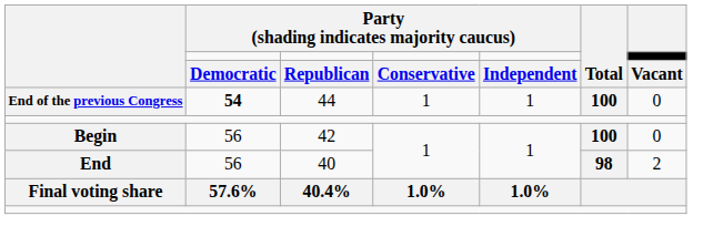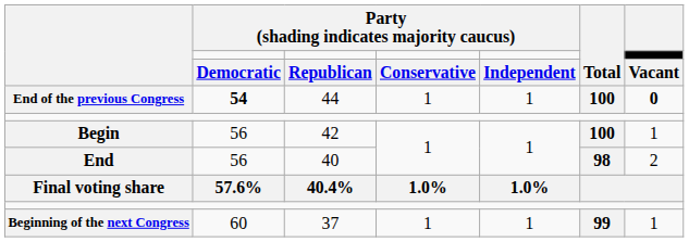 <table class=wikitable style="text-align:center">
 <tr style="vertical-align:bottom;">
 <th rowspan=3></th>
 <th colspan=4>Party <div>(shading indicates majority caucus)</div></th>
 <th rowspan=3>Total</th>
 <th></th>
 </tr>
 <tr style="height:5px">
 <td style="background-color:"></td>
 <td style="background-color:"></td>
 <td style="background-color:"></td>
 <td style="background-color:"></td>
 <td style="background:black;"></td>
 </tr>
 <tr style="vertical-align:bottom;">
 <th><a href='#'>Democratic</a></th>
 <th><a href='#'>Republican</a></th>
 <th><a href='#'>Conservative</a></th>
 <th><a href='#'>Independent</a></th>
 <th>Vacant</th>
 </tr>
 <tr>
 <th style="white-space:nowrap; font-size:80%;">End of the <a href='#'>previous Congress</a></th>
 <td><strong>54</strong></td>
 <td>44</td>
 <td>1</td>
 <td>1</td>
 <th>100</th>
-<td>0</td>
+<td><strong>0</strong></td>
 </tr>
 <tr style="height:5px">
 <td colspan=7></td>
 </tr>
 <tr>
 <th>Begin</th>
 <td>56</td>
 <td>42</td>
 <td rowspan=2>1</td>
 <td rowspan=2>1</td>
 <th>100</th>
-<td>0</td>
+<td>1</td>
 </tr>
 <tr>
 <th>End</th>
 <td>56</td>
 <td>40</td>
 <th>98</th>
 <td>2</td>
 </tr>
 <tr>
 <th>Final voting share</th>
 <th>57.6%</th>
 <th>40.4%</th>
 <th>1.0%</th>
 <th>1.0%</th>
 <th colspan=2></th>
 </tr>
 <tr style="height:5px">
 <td colspan=7></td>
 </tr>
+<tr>
+<th style="white-space:nowrap; font-size:80%;">Beginning of the <a href='#'>next Congress</a></th>
+<td>60</td>
+<td>37</td>
+<td>1</td>
+<td>1</td>
+<th>99</th>
+<td>1</td>
+</tr>
 </table>
